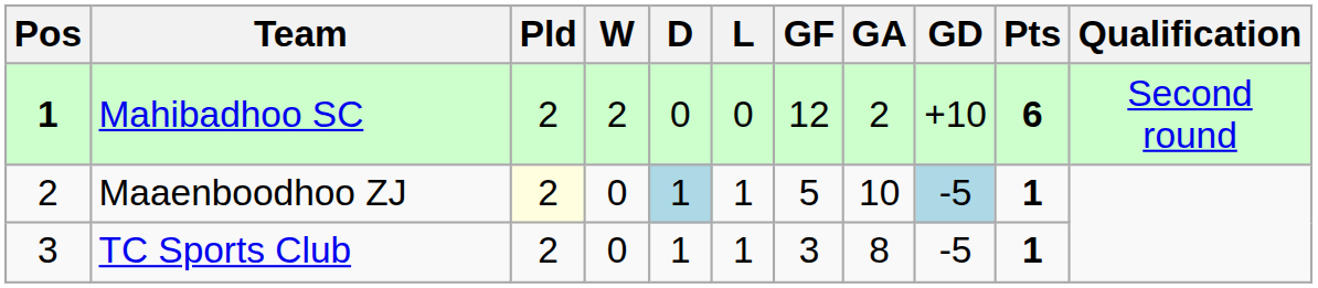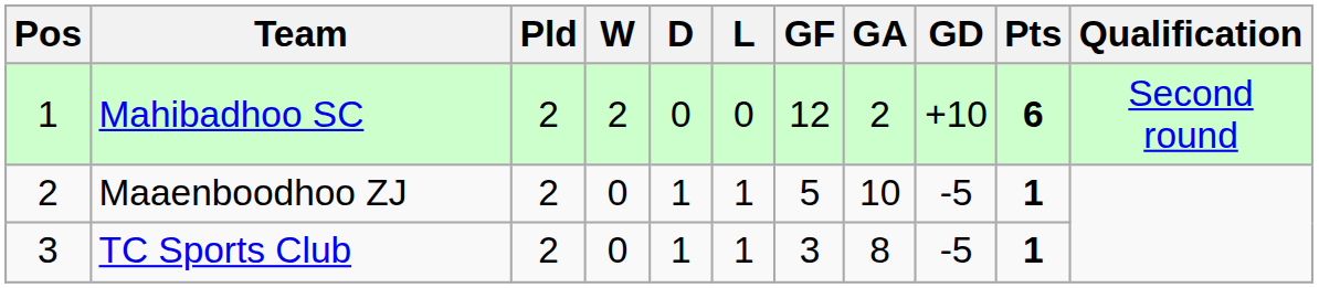 <table class="wikitable" style="text-align:center">
 <tr>
 <th style="width:20px;" abbr="Position">Pos</th>
 <th width=175>Team</th>
 <th style="width:20px;" abbr="Played">Pld</th>
 <th style="width:20px;" abbr="Won">W</th>
 <th style="width:20px;" abbr="Drawn">D</th>
 <th style="width:20px;" abbr="Lost">L</th>
 <th style="width:20px;" abbr="Goals for">GF</th>
 <th style="width:20px;" abbr="Goals against">GA</th>
 <th style="width:20px;" abbr="Goal difference">GD</th>
 <th style="width:20px;" abbr="Points">Pts</th>
 <th style="width:20px;">Qualification</th>
 </tr>
 <tr style="background:#cfc;">
-<td><strong>1</strong></td>
+<td>1</td>
 <td align=left><a href='#'>Mahibadhoo SC</a></td>
 <td>2</td>
 <td>2</td>
 <td>0</td>
 <td>0</td>
 <td>12</td>
 <td>2</td>
 <td>+10</td>
 <td><strong>6</strong></td>
 <td><a href='#'>Second round</a></td>
 </tr>
 <tr>
 <td>2</td>
 <td align=left>Maaenboodhoo ZJ</td>
-<td style="background: lightyellow;">2</td>
+<td>2</td>
 <td>0</td>
-<td style="background: lightblue;">1</td>
+<td>1</td>
 <td>1</td>
 <td>5</td>
 <td>10</td>
-<td style="background: lightblue;">-5</td>
+<td>-5</td>
 <td><strong>1</strong></td>
 </tr>
 <tr>
 <td>3</td>
 <td align=left><a href='#'>TC Sports Club</a></td>
 <td>2</td>
 <td>0</td>
 <td>1</td>
 <td>1</td>
 <td>3</td>
 <td>8</td>
 <td>-5</td>
 <td><strong>1</strong></td>
 </tr>
 </table>
